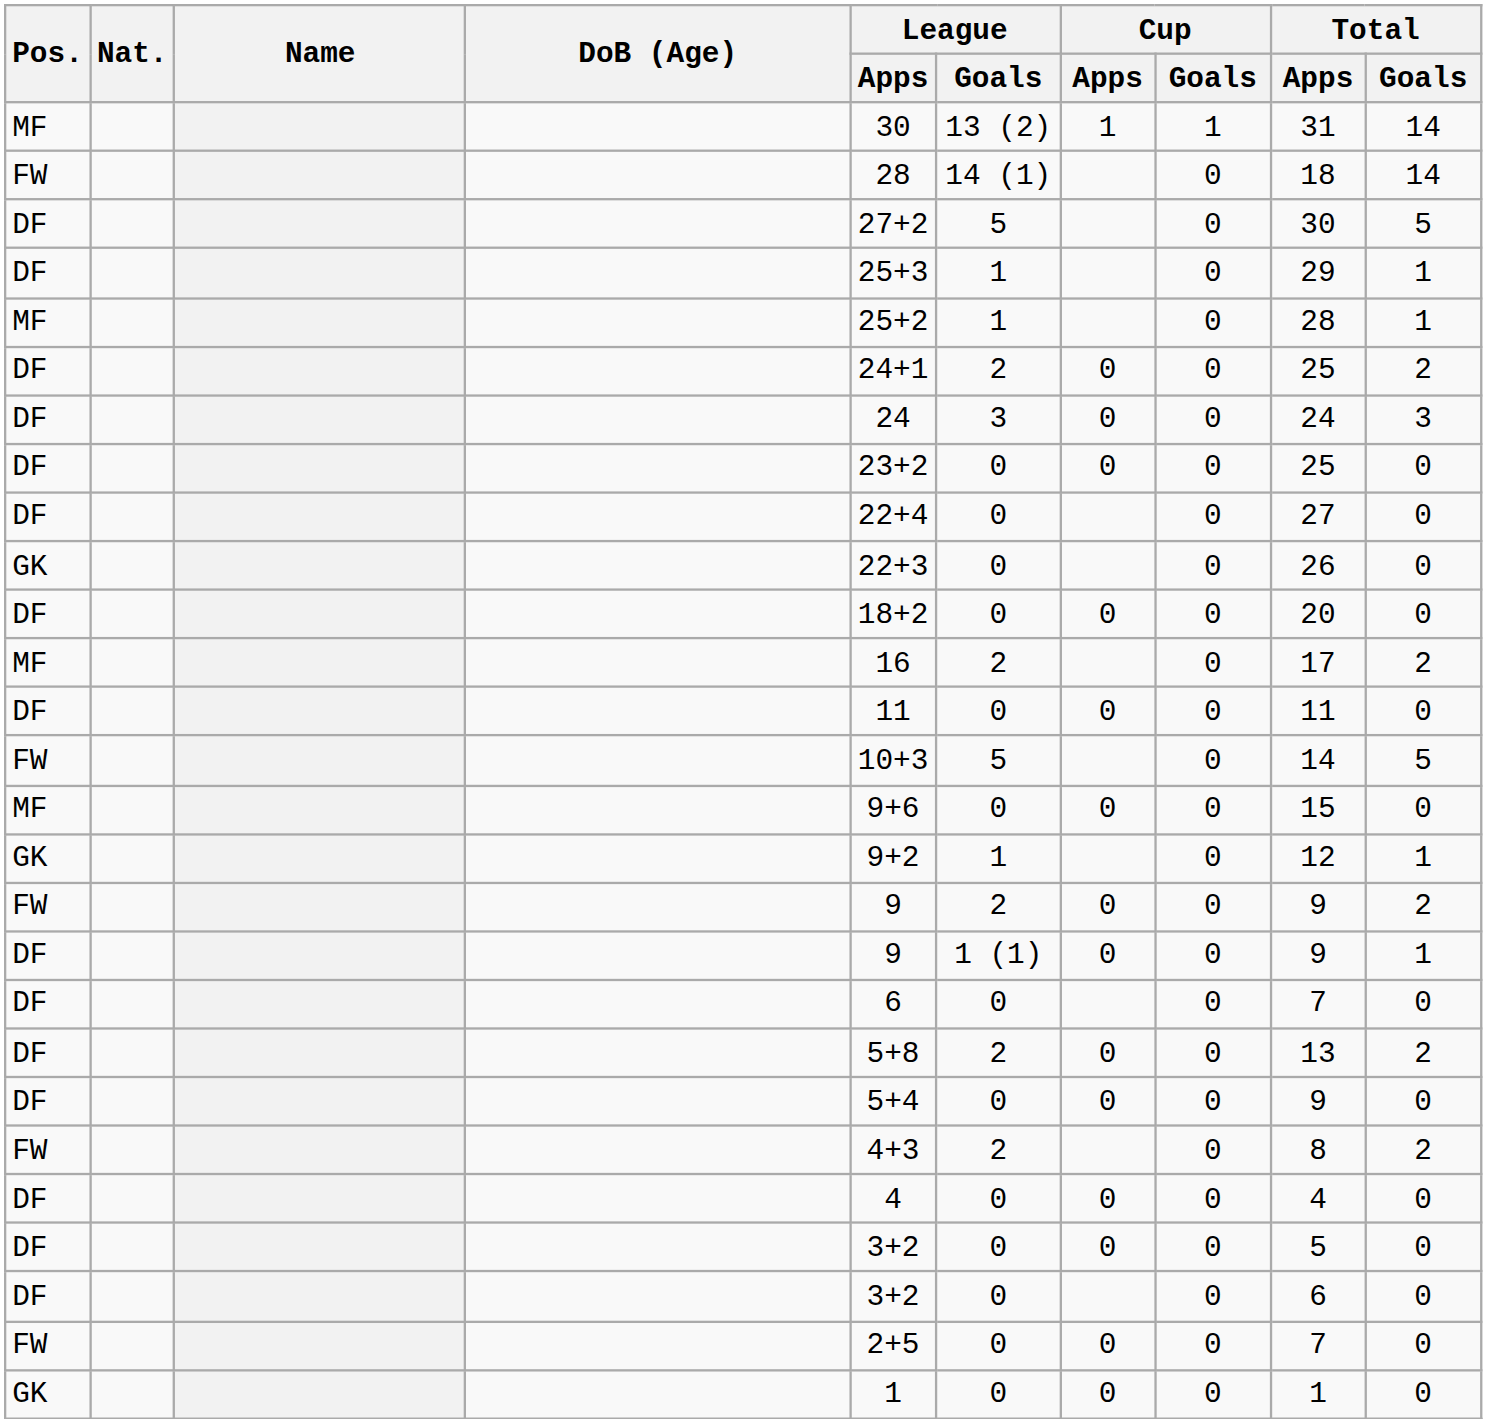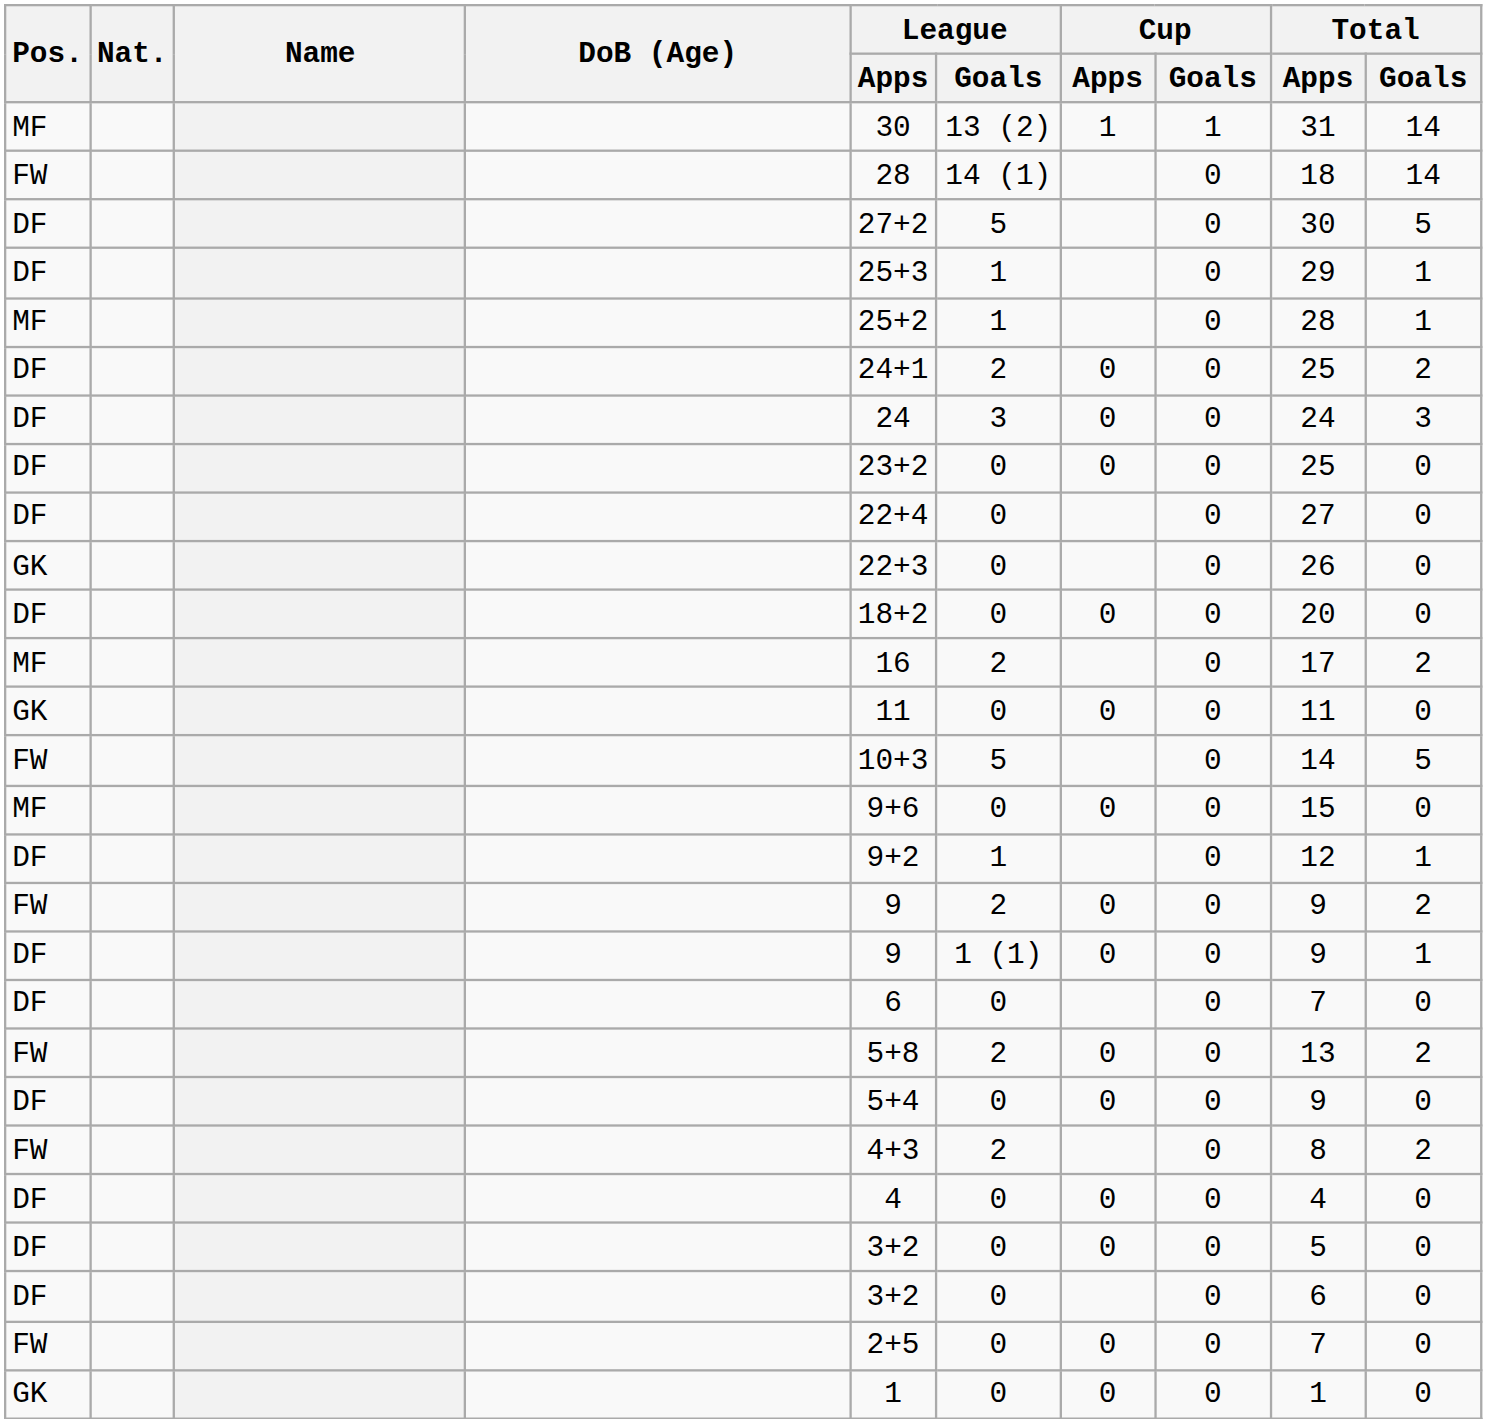 <table class="wikitable plainrowheaders sortable" style="text-align:center; font-size:98%;">
 <tr>
 <th rowspan="2">Pos.</th>
 <th rowspan="2">Nat.</th>
 <th rowspan="2" width="120">Name</th>
 <th rowspan="2" width="160">DoB (Age)</th>
 <th colspan="2" width="85">League</th>
 <th colspan="2" width="85">Cup</th>
 <th colspan="2" width="85">Total</th>
 </tr>
 <tr>
 <th>Apps</th>
 <th>Goals</th>
 <th>Apps</th>
 <th>Goals</th>
 <th>Apps</th>
 <th>Goals</th>
 </tr>
 <tr>
 <td align="left">MF</td>
 <td></td>
 <th scope="row"></th>
 <td align=left></td>
 <td>30</td>
 <td>13 (2)</td>
 <td>1</td>
 <td>1</td>
 <td>31</td>
 <td>14</td>
 </tr>
 <tr>
 <td align="left">FW</td>
 <td></td>
 <th scope="row"></th>
 <td align=left></td>
 <td>28</td>
 <td>14 (1)</td>
 <td></td>
 <td>0</td>
 <td>18</td>
 <td>14</td>
 </tr>
 <tr>
 <td align="left">DF</td>
 <td></td>
 <th scope="row"></th>
 <td align=left></td>
 <td>27+2</td>
 <td>5</td>
 <td></td>
 <td>0</td>
 <td>30</td>
 <td>5</td>
 </tr>
 <tr>
 <td align="left">DF</td>
 <td></td>
 <th scope="row"></th>
 <td align=left></td>
 <td>25+3</td>
 <td>1</td>
 <td></td>
 <td>0</td>
 <td>29</td>
 <td>1</td>
 </tr>
 <tr>
 <td align="left">MF</td>
 <td></td>
 <th scope="row"></th>
 <td align=left></td>
 <td>25+2</td>
 <td>1</td>
 <td></td>
 <td>0</td>
 <td>28</td>
 <td>1</td>
 </tr>
 <tr>
 <td align="left">DF</td>
 <td></td>
 <th scope="row"></th>
 <td align=left></td>
 <td>24+1</td>
 <td>2</td>
 <td>0</td>
 <td>0</td>
 <td>25</td>
 <td>2</td>
 </tr>
 <tr>
 <td align="left">DF</td>
 <td></td>
 <th scope="row"></th>
 <td align=left></td>
 <td>24</td>
 <td>3</td>
 <td>0</td>
 <td>0</td>
 <td>24</td>
 <td>3</td>
 </tr>
 <tr>
 <td align="left">DF</td>
 <td></td>
 <th scope="row"></th>
 <td align=left></td>
 <td>23+2</td>
 <td>0</td>
 <td>0</td>
 <td>0</td>
 <td>25</td>
 <td>0</td>
 </tr>
 <tr>
 <td align="left">DF</td>
 <td></td>
 <th scope="row"></th>
 <td align=left></td>
 <td>22+4</td>
 <td>0</td>
 <td></td>
 <td>0</td>
 <td>27</td>
 <td>0</td>
 </tr>
 <tr>
 <td align="left">GK</td>
 <td></td>
 <th scope="row"></th>
 <td align=left></td>
 <td>22+3</td>
 <td>0</td>
 <td></td>
 <td>0</td>
 <td>26</td>
 <td>0</td>
 </tr>
 <tr>
 <td align="left">DF</td>
 <td></td>
 <th scope="row"></th>
 <td align=left></td>
 <td>18+2</td>
 <td>0</td>
 <td>0</td>
 <td>0</td>
 <td>20</td>
 <td>0</td>
 </tr>
 <tr>
 <td align="left">MF</td>
 <td></td>
 <th scope="row"></th>
 <td align=left></td>
 <td>16</td>
 <td>2</td>
 <td></td>
 <td>0</td>
 <td>17</td>
 <td>2</td>
 </tr>
 <tr>
-<td align="left">DF</td>
+<td align="left">GK</td>
 <td></td>
 <th scope="row"></th>
 <td align=left></td>
 <td>11</td>
 <td>0</td>
 <td>0</td>
 <td>0</td>
 <td>11</td>
 <td>0</td>
 </tr>
 <tr>
 <td align="left">FW</td>
 <td></td>
 <th scope="row"></th>
 <td align=left></td>
 <td>10+3</td>
 <td>5</td>
 <td></td>
 <td>0</td>
 <td>14</td>
 <td>5</td>
 </tr>
 <tr>
 <td align="left">MF</td>
 <td></td>
 <th scope="row"></th>
 <td align=left></td>
 <td>9+6</td>
 <td>0</td>
 <td>0</td>
 <td>0</td>
 <td>15</td>
 <td>0</td>
 </tr>
 <tr>
-<td align="left">GK</td>
+<td align="left">DF</td>
 <td></td>
 <th scope="row"></th>
 <td align=left></td>
 <td>9+2</td>
 <td>1</td>
 <td></td>
 <td>0</td>
 <td>12</td>
 <td>1</td>
 </tr>
 <tr>
 <td align="left">FW</td>
 <td></td>
 <th scope="row"></th>
 <td align=left></td>
 <td>9</td>
 <td>2</td>
 <td>0</td>
 <td>0</td>
 <td>9</td>
 <td>2</td>
 </tr>
 <tr>
 <td align="left">DF</td>
 <td></td>
 <th scope="row"></th>
 <td align=left></td>
 <td>9</td>
 <td>1 (1)</td>
 <td>0</td>
 <td>0</td>
 <td>9</td>
 <td>1</td>
 </tr>
 <tr>
 <td align="left">DF</td>
 <td></td>
 <th scope="row"></th>
 <td align=left></td>
 <td>6</td>
 <td>0</td>
 <td></td>
 <td>0</td>
 <td>7</td>
 <td>0</td>
 </tr>
 <tr>
-<td align="left">DF</td>
+<td align="left">FW</td>
 <td></td>
 <th scope="row"></th>
 <td align=left></td>
 <td>5+8</td>
 <td>2</td>
 <td>0</td>
 <td>0</td>
 <td>13</td>
 <td>2</td>
 </tr>
 <tr>
 <td align="left">DF</td>
 <td></td>
 <th scope="row"></th>
 <td align=left></td>
 <td>5+4</td>
 <td>0</td>
 <td>0</td>
 <td>0</td>
 <td>9</td>
 <td>0</td>
 </tr>
 <tr>
 <td align="left">FW</td>
 <td></td>
 <th scope="row"></th>
 <td align=left></td>
 <td>4+3</td>
 <td>2</td>
 <td></td>
 <td>0</td>
 <td>8</td>
 <td>2</td>
 </tr>
 <tr>
 <td align="left">DF</td>
 <td></td>
 <th scope="row"></th>
 <td align=left></td>
 <td>4</td>
 <td>0</td>
 <td>0</td>
 <td>0</td>
 <td>4</td>
 <td>0</td>
 </tr>
 <tr>
 <td align="left">DF</td>
 <td></td>
 <th scope="row"></th>
 <td align=left></td>
 <td>3+2</td>
 <td>0</td>
 <td>0</td>
 <td>0</td>
 <td>5</td>
 <td>0</td>
 </tr>
 <tr>
 <td align="left">DF</td>
 <td></td>
 <th scope="row"></th>
 <td align=left></td>
 <td>3+2</td>
 <td>0</td>
 <td></td>
 <td>0</td>
 <td>6</td>
 <td>0</td>
 </tr>
 <tr>
 <td align="left">FW</td>
 <td></td>
 <th scope="row"></th>
 <td align=left></td>
 <td>2+5</td>
 <td>0</td>
 <td>0</td>
 <td>0</td>
 <td>7</td>
 <td>0</td>
 </tr>
 <tr>
 <td align="left">GK</td>
 <td></td>
 <th scope="row"></th>
 <td align=left></td>
 <td>1</td>
 <td>0</td>
 <td>0</td>
 <td>0</td>
 <td>1</td>
 <td>0</td>
 </tr>
 <tr>
 </tr>
 </table>
